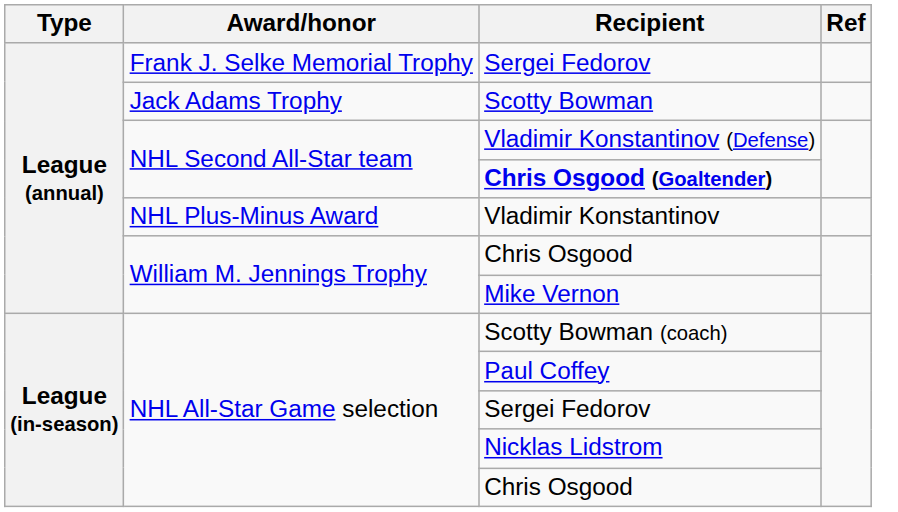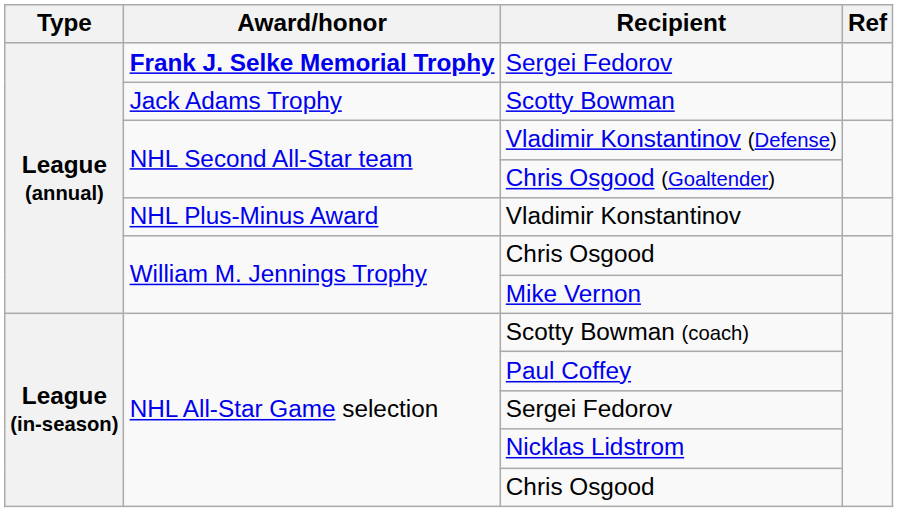 <table class="wikitable">
 <tr>
 <th scope="col">Type</th>
 <th scope="col">Award/honor</th>
 <th scope="col">Recipient</th>
 <th scope="col">Ref</th>
 </tr>
 <tr>
 <th scope="row" rowspan="7">League<br><small>(annual)</small></th>
-<td><a href='#'>Frank J. Selke Memorial Trophy</a></td>
+<td><strong><a href='#'>Frank J. Selke Memorial Trophy</a></strong></td>
 <td><a href='#'>Sergei Fedorov</a></td>
 <td></td>
 </tr>
 <tr>
 <td><a href='#'>Jack Adams Trophy</a></td>
 <td><a href='#'>Scotty Bowman</a></td>
 <td></td>
 </tr>
 <tr>
 <td rowspan="2"><a href='#'>NHL Second All-Star team</a></td>
 <td><a href='#'>Vladimir Konstantinov</a> <small>(<a href='#'>Defense</a>)</small></td>
 <td rowspan="2"></td>
 </tr>
 <tr>
-<td><strong><a href='#'>Chris Osgood</a> <small>(<a href='#'>Goaltender</a>)</small></strong></td>
+<td><a href='#'>Chris Osgood</a> <small>(<a href='#'>Goaltender</a>)</small></td>
 </tr>
 <tr>
 <td><a href='#'>NHL Plus-Minus Award</a></td>
 <td>Vladimir Konstantinov</td>
 <td></td>
 </tr>
 <tr>
 <td rowspan="2"><a href='#'>William M. Jennings Trophy</a></td>
 <td>Chris Osgood</td>
 <td rowspan="2"></td>
 </tr>
 <tr>
 <td><a href='#'>Mike Vernon</a></td>
 </tr>
 <tr>
 <th scope="row" rowspan=5>League<br><small>(in-season)</small></th>
 <td rowspan=5><a href='#'>NHL All-Star Game</a> selection</td>
 <td>Scotty Bowman <small>(coach)</small></td>
 <td rowspan=5></td>
 </tr>
 <tr>
 <td><a href='#'>Paul Coffey</a></td>
 </tr>
 <tr>
 <td>Sergei Fedorov</td>
 </tr>
 <tr>
 <td><a href='#'>Nicklas Lidstrom</a></td>
 </tr>
 <tr>
 <td>Chris Osgood</td>
 </tr>
 </table>
